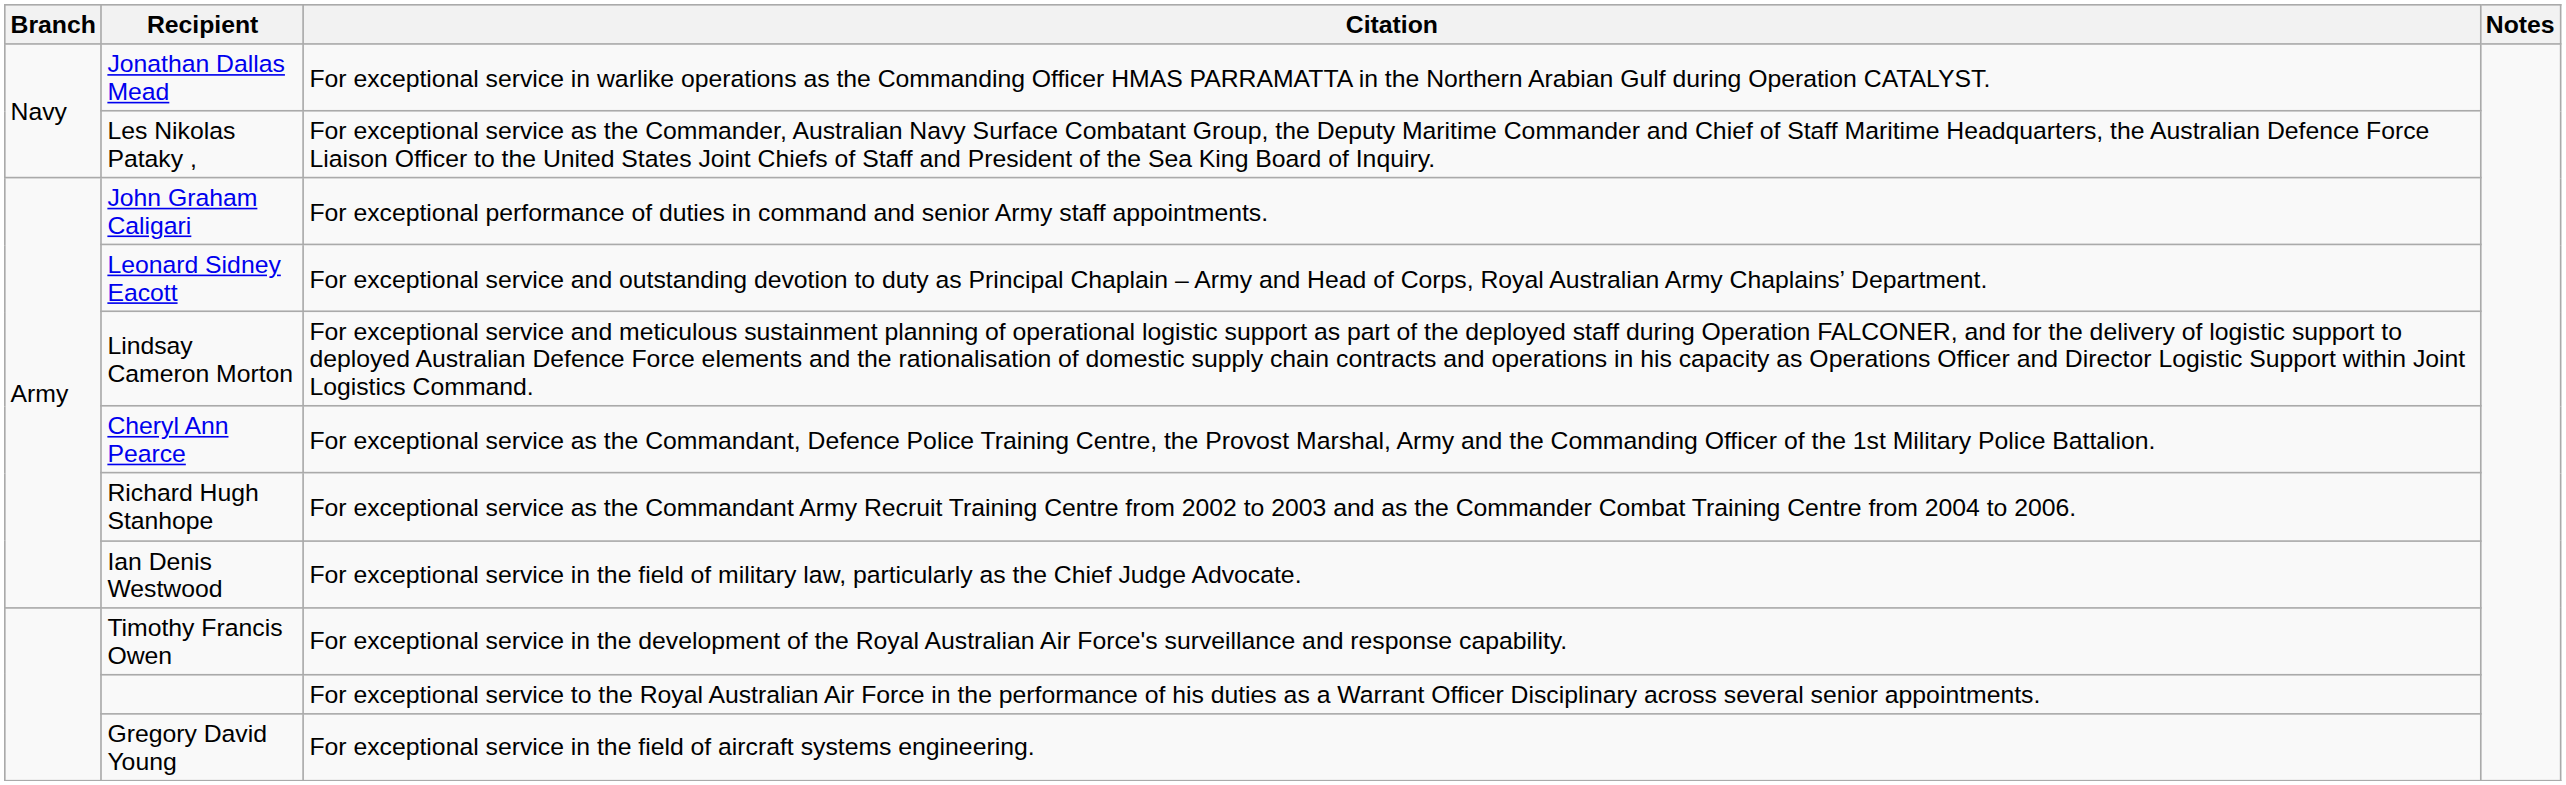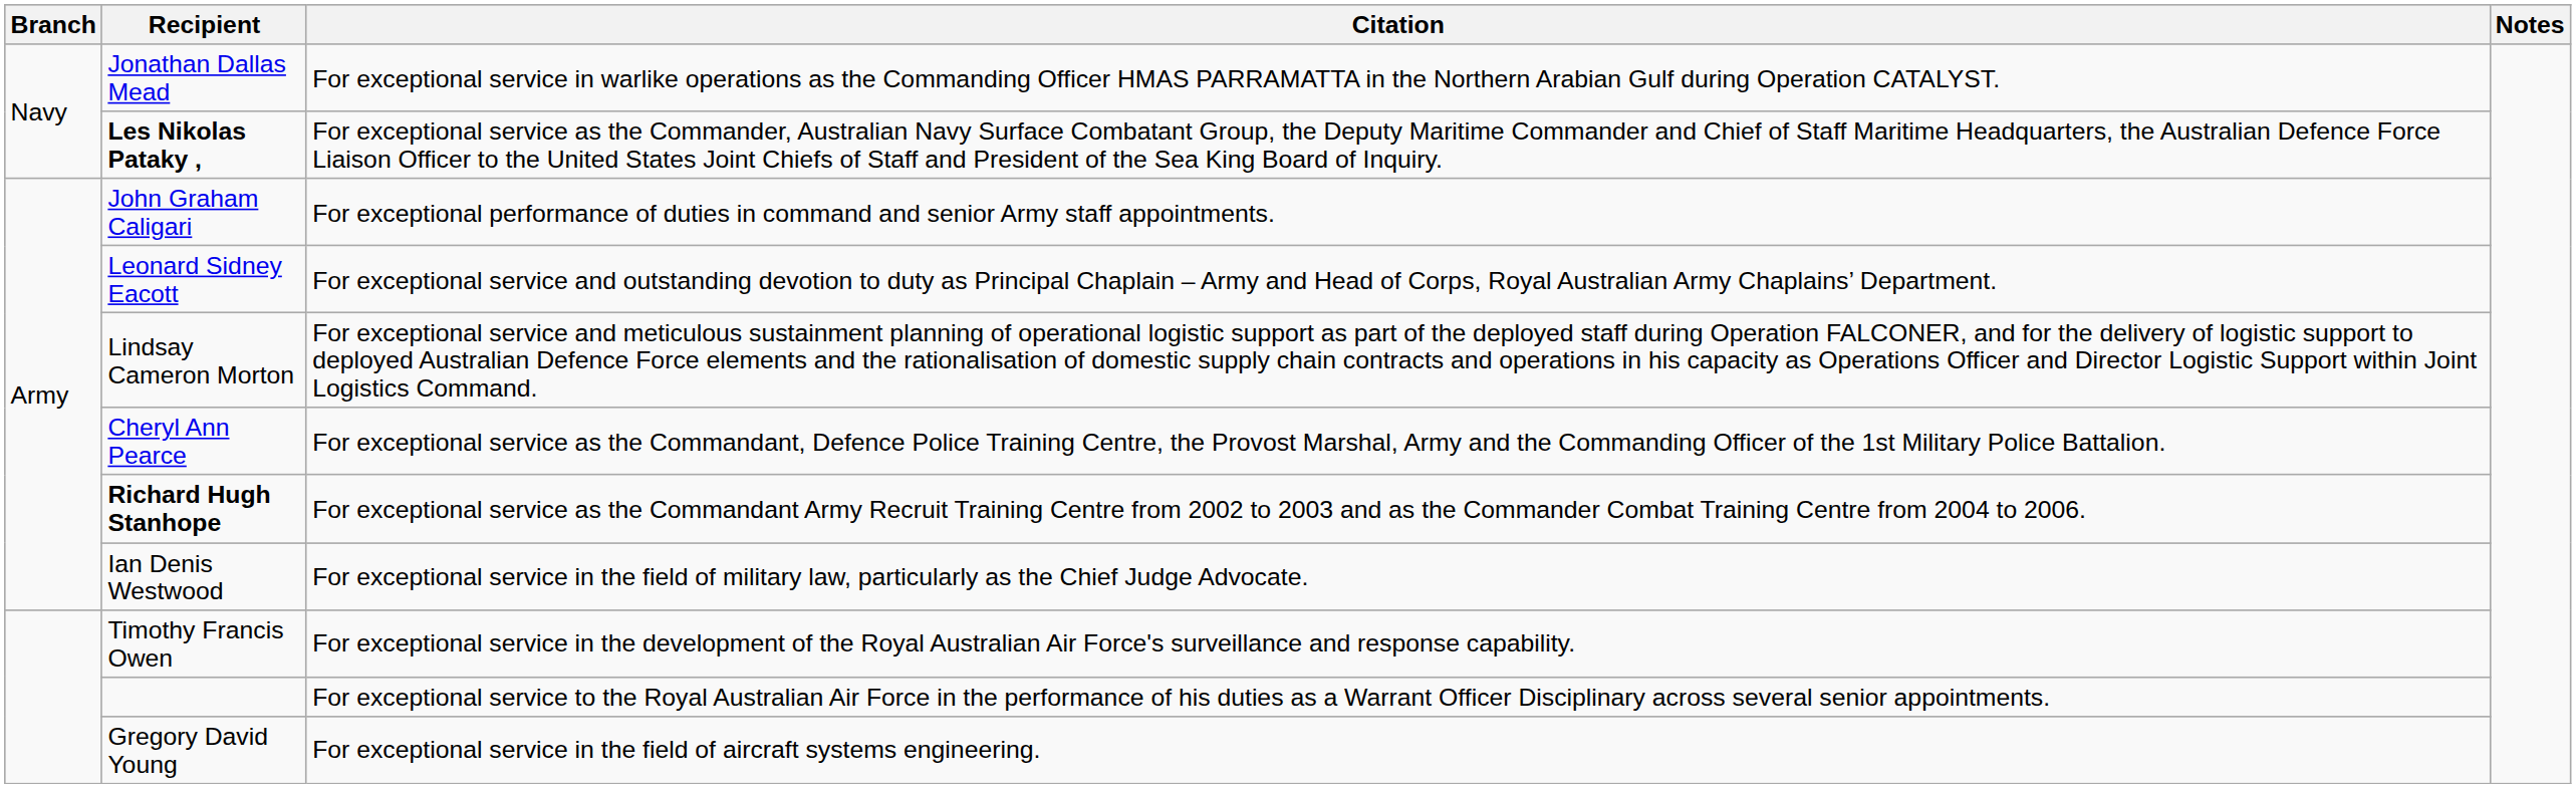 <table class="wikitable" style="font-size:95%;">
 <tr>
 <th>Branch</th>
 <th>Recipient</th>
 <th>Citation</th>
 <th>Notes</th>
 </tr>
 <tr>
 <td rowspan=2>Navy</td>
 <td> <a href='#'>Jonathan Dallas Mead</a> </td>
 <td>For exceptional service in warlike operations as the Commanding Officer HMAS PARRAMATTA in the Northern Arabian Gulf during Operation CATALYST.</td>
 <td rowspan=11></td>
 </tr>
 <tr>
-<td> Les Nikolas Pataky , </td>
+<td><strong> Les Nikolas Pataky , </strong></td>
 <td>For exceptional service as the Commander, Australian Navy Surface Combatant Group, the Deputy Maritime Commander and Chief of Staff Maritime Headquarters, the Australian Defence Force Liaison Officer to the United States Joint Chiefs of Staff and President of the Sea King Board of Inquiry.</td>
 </tr>
 <tr>
 <td rowspan=6>Army</td>
 <td> <a href='#'>John Graham Caligari</a> </td>
 <td>For exceptional performance of duties in command and senior Army staff appointments.</td>
 </tr>
 <tr>
 <td> <a href='#'>Leonard Sidney Eacott</a></td>
 <td>For exceptional service and outstanding devotion to duty as Principal Chaplain – Army and Head of Corps, Royal Australian Army Chaplains’ Department.</td>
 </tr>
 <tr>
 <td> Lindsay Cameron Morton</td>
 <td>For exceptional service and meticulous sustainment planning of operational logistic support as part of the deployed staff during Operation FALCONER, and for the delivery of logistic support to deployed Australian Defence Force elements and the rationalisation of domestic supply chain contracts and operations in his capacity as Operations Officer and Director Logistic Support within Joint Logistics Command.</td>
 </tr>
 <tr>
 <td> <a href='#'>Cheryl Ann Pearce</a></td>
 <td>For exceptional service as the Commandant, Defence Police Training Centre, the Provost Marshal, Army and the Commanding Officer of the 1st Military Police Battalion.</td>
 </tr>
 <tr>
-<td> Richard Hugh Stanhope</td>
+<td><strong> Richard Hugh Stanhope</strong></td>
 <td>For exceptional service as the Commandant Army Recruit Training Centre from 2002 to 2003 and as the Commander Combat Training Centre from 2004 to 2006.</td>
 </tr>
 <tr>
 <td> Ian Denis Westwood</td>
 <td>For exceptional service in the field of military law, particularly as the Chief Judge Advocate.</td>
 </tr>
 <tr>
 <td rowspan=3></td>
 <td> Timothy Francis Owen</td>
 <td>For exceptional service in the development of the Royal Australian Air Force's surveillance and response capability.</td>
 </tr>
 <tr>
 <td></td>
 <td>For exceptional service to the Royal Australian Air Force in the performance of his duties as a Warrant Officer Disciplinary across several senior appointments.</td>
 </tr>
 <tr>
 <td> Gregory David Young </td>
 <td>For exceptional service in the field of aircraft systems engineering.</td>
 </tr>
 </table>
